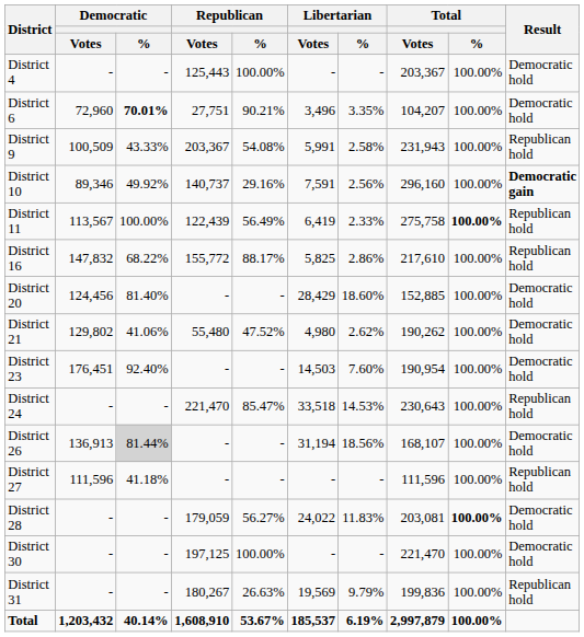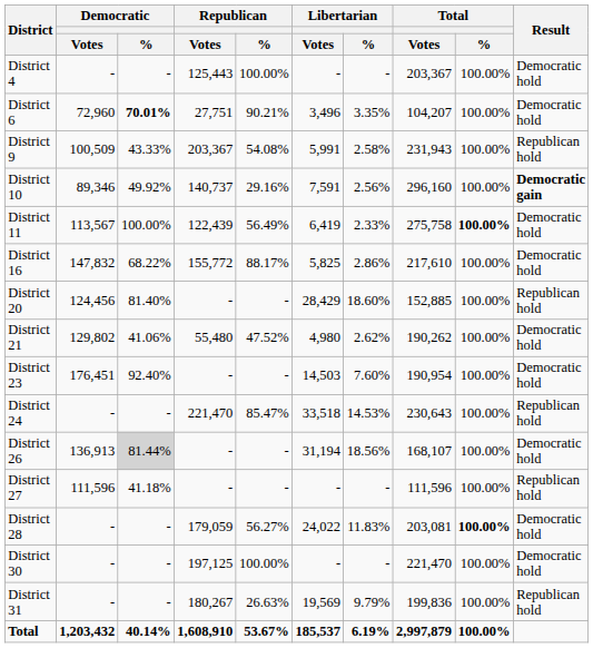 <table class="wikitable plainrowheaders sortable" style="font-size:100%; text-align:right;">
 <tr>
 <th rowspan="3">District</th>
 <th colspan="2">Democratic</th>
 <th colspan="2">Republican</th>
 <th colspan="2">Libertarian</th>
 <th colspan="2">Total</th>
 <th rowspan="3">Result</th>
 </tr>
 <tr>
 <th colspan="2" style="background:"></th>
 <th colspan="2" style="background:"></th>
 <th colspan="2" style="background:"></th>
 <th colspan="2"></th>
 </tr>
 <tr>
 <th data-sort-type="number" scope="col">Votes</th>
 <th data-sort-type="number" scope="col">%</th>
 <th data-sort-type="number" scope="col">Votes</th>
 <th data-sort-type="number" scope="col">%</th>
 <th data-sort-type="number" scope="col">Votes</th>
 <th data-sort-type="number" scope="col">%</th>
 <th data-sort-type="number" scope="col">Votes</th>
 <th data-sort-type="number" scope="col">%</th>
 </tr>
 <tr>
 <td align="left">District 4</td>
 <td>-</td>
 <td>-</td>
 <td>125,443</td>
 <td>100.00%</td>
 <td>-</td>
 <td>-</td>
 <td>203,367</td>
 <td>100.00%</td>
 <td align="left">Democratic hold</td>
 </tr>
 <tr>
 <td align="left">District 6</td>
 <td>72,960</td>
 <td><strong>70.01%</strong></td>
 <td>27,751</td>
 <td>90.21%</td>
 <td>3,496</td>
 <td>3.35%</td>
 <td>104,207</td>
 <td>100.00%</td>
 <td align="left">Democratic hold</td>
 </tr>
 <tr>
 <td align="left">District 9</td>
 <td>100,509</td>
 <td>43.33%</td>
 <td>203,367</td>
 <td>54.08%</td>
 <td>5,991</td>
 <td>2.58%</td>
 <td>231,943</td>
 <td>100.00%</td>
 <td align="left">Republican hold</td>
 </tr>
 <tr>
 <td align="left">District 10</td>
 <td>89,346</td>
 <td>49.92%</td>
 <td>140,737</td>
 <td>29.16%</td>
 <td>7,591</td>
 <td>2.56%</td>
 <td>296,160</td>
 <td>100.00%</td>
 <td align="left"><strong>Democratic gain</strong></td>
 </tr>
 <tr>
 <td align="left">District 11</td>
 <td>113,567</td>
 <td>100.00%</td>
 <td>122,439</td>
 <td>56.49%</td>
 <td>6,419</td>
 <td>2.33%</td>
 <td>275,758</td>
 <td><strong>100.00%</strong></td>
-<td align="left">Republican hold</td>
+<td align="left">Democratic hold</td>
 </tr>
 <tr>
 <td align="left">District 16</td>
 <td>147,832</td>
 <td>68.22%</td>
 <td>155,772</td>
 <td>88.17%</td>
 <td>5,825</td>
 <td>2.86%</td>
 <td>217,610</td>
 <td>100.00%</td>
-<td align="left">Republican hold</td>
+<td align="left">Democratic hold</td>
 </tr>
 <tr>
 <td align="left">District 20</td>
 <td>124,456</td>
 <td>81.40%</td>
 <td>-</td>
 <td>-</td>
 <td>28,429</td>
 <td>18.60%</td>
 <td>152,885</td>
 <td>100.00%</td>
-<td align="left">Democratic hold</td>
+<td align="left">Republican hold</td>
 </tr>
 <tr>
 <td align="left">District 21</td>
 <td>129,802</td>
 <td>41.06%</td>
 <td>55,480</td>
 <td>47.52%</td>
 <td>4,980</td>
 <td>2.62%</td>
 <td>190,262</td>
 <td>100.00%</td>
 <td align="left">Democratic hold</td>
 </tr>
 <tr>
 <td align="left">District 23</td>
 <td>176,451</td>
 <td>92.40%</td>
 <td>-</td>
 <td>-</td>
 <td>14,503</td>
 <td>7.60%</td>
 <td>190,954</td>
 <td>100.00%</td>
 <td align="left">Democratic hold</td>
 </tr>
 <tr>
 <td align="left">District 24</td>
 <td>-</td>
 <td>-</td>
 <td>221,470</td>
 <td>85.47%</td>
 <td>33,518</td>
 <td>14.53%</td>
 <td>230,643</td>
 <td>100.00%</td>
 <td align="left">Republican hold</td>
 </tr>
 <tr>
 <td align="left">District 26</td>
 <td>136,913</td>
 <td style="background: lightgrey;">81.44%</td>
 <td>-</td>
 <td>-</td>
 <td>31,194</td>
 <td>18.56%</td>
 <td>168,107</td>
 <td>100.00%</td>
 <td align="left">Democratic hold</td>
 </tr>
 <tr>
 <td align="left">District 27</td>
 <td>111,596</td>
 <td>41.18%</td>
 <td>-</td>
 <td>-</td>
 <td>-</td>
 <td>-</td>
 <td>111,596</td>
 <td>100.00%</td>
 <td align="left">Republican hold</td>
 </tr>
 <tr>
 <td align="left">District 28</td>
 <td>-</td>
 <td>-</td>
 <td>179,059</td>
 <td>56.27%</td>
 <td>24,022</td>
 <td>11.83%</td>
 <td>203,081</td>
 <td><strong>100.00%</strong></td>
 <td align="left">Democratic hold</td>
 </tr>
 <tr>
 <td align="left">District 30</td>
 <td>-</td>
 <td>-</td>
 <td>197,125</td>
 <td>100.00%</td>
 <td>-</td>
 <td>-</td>
 <td>221,470</td>
 <td>100.00%</td>
 <td align="left">Democratic hold</td>
 </tr>
 <tr>
 <td align="left">District 31</td>
 <td>-</td>
 <td>-</td>
 <td>180,267</td>
 <td>26.63%</td>
 <td>19,569</td>
 <td>9.79%</td>
 <td>199,836</td>
 <td>100.00%</td>
 <td align="left">Republican hold</td>
 </tr>
 <tr class="sortbottom" style="font-weight:bold">
 <td align="left">Total</td>
 <td>1,203,432</td>
 <td>40.14%</td>
 <td>1,608,910</td>
 <td>53.67%</td>
 <td>185,537</td>
 <td>6.19%</td>
 <td>2,997,879</td>
 <td>100.00%</td>
 <td></td>
 </tr>
 </table>
